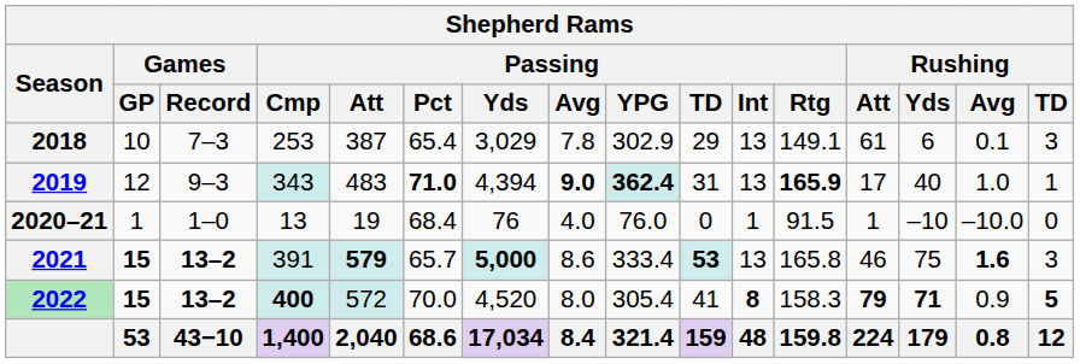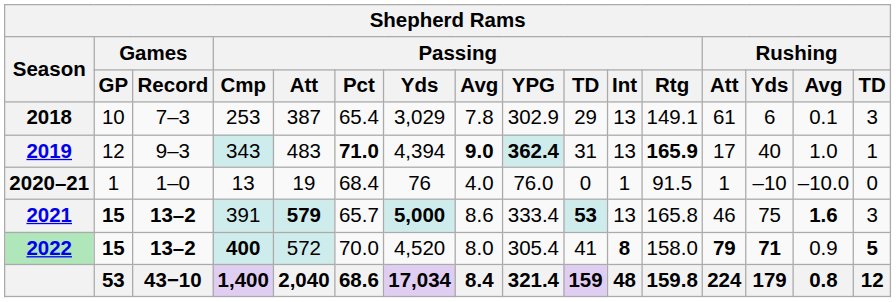 <table class="wikitable" style="text-align:center;">
 <tr>
 <th colspan="16">Shepherd Rams</th>
 </tr>
 <tr>
 <th rowspan="2">Season</th>
 <th colspan="2">Games</th>
 <th colspan="9">Passing</th>
 <th colspan="4">Rushing</th>
 </tr>
 <tr>
 <th>GP</th>
 <th>Record</th>
 <th>Cmp</th>
 <th>Att</th>
 <th>Pct</th>
 <th>Yds</th>
 <th>Avg</th>
 <th>YPG</th>
 <th>TD</th>
 <th>Int</th>
 <th>Rtg</th>
 <th>Att</th>
 <th>Yds</th>
 <th>Avg</th>
 <th>TD</th>
 </tr>
 <tr>
 <th>2018</th>
 <td>10</td>
 <td>7–3</td>
 <td>253</td>
 <td>387</td>
 <td>65.4</td>
 <td>3,029</td>
 <td>7.8</td>
 <td>302.9</td>
 <td>29</td>
 <td>13</td>
 <td>149.1</td>
 <td>61</td>
 <td>6</td>
 <td>0.1</td>
 <td>3</td>
 </tr>
 <tr>
 <th><a href='#'>2019</a></th>
 <td>12</td>
 <td>9–3</td>
 <td style="background:#cfecec;">343</td>
 <td>483</td>
 <td><strong>71.0</strong></td>
 <td>4,394</td>
 <td><strong>9.0</strong></td>
 <td style="background:#cfecec;"><strong>362.4</strong></td>
 <td>31</td>
 <td>13</td>
 <td><strong>165.9</strong></td>
 <td>17</td>
 <td>40</td>
 <td>1.0</td>
 <td>1</td>
 </tr>
 <tr>
 <th>2020–21</th>
 <td>1</td>
 <td>1–0</td>
 <td>13</td>
 <td>19</td>
 <td>68.4</td>
 <td>76</td>
 <td>4.0</td>
 <td>76.0</td>
 <td>0</td>
 <td>1</td>
 <td>91.5</td>
 <td>1</td>
 <td>–10</td>
 <td>–10.0</td>
 <td>0</td>
 </tr>
 <tr>
 <th><a href='#'>2021</a></th>
 <td><strong>15</strong></td>
 <td><strong>13–2</strong></td>
 <td style="background:#cfecec;">391</td>
 <td style="background:#cfecec;"><strong>579</strong></td>
 <td>65.7</td>
 <td style="background:#cfecec;"><strong>5,000</strong></td>
 <td>8.6</td>
 <td>333.4</td>
 <td style="background:#cfecec;"><strong>53</strong></td>
 <td>13</td>
 <td>165.8</td>
 <td>46</td>
 <td>75</td>
 <td><strong>1.6</strong></td>
 <td>3</td>
 </tr>
 <tr>
 <th style="background:#afe6ba;"><a href='#'>2022</a></th>
 <td><strong>15</strong></td>
 <td><strong>13–2</strong></td>
 <td style="background:#cfecec;"><strong>400</strong></td>
 <td style="background:#cfecec;">572</td>
 <td>70.0</td>
 <td>4,520</td>
 <td>8.0</td>
 <td>305.4</td>
 <td>41</td>
 <td><strong>8</strong></td>
-<td>158.3</td>
+<td>158.0</td>
 <td><strong>79</strong></td>
 <td><strong>71</strong></td>
 <td>0.9</td>
 <td><strong>5</strong></td>
 </tr>
 <tr>
 <th></th>
 <th>53</th>
 <th>43−10</th>
 <th style="background:#e0cef2;"><strong>1,400</strong></th>
 <th><strong>2,040</strong></th>
 <th>68.6</th>
 <th style="background:#e0cef2;"><strong>17,034</strong></th>
 <th>8.4</th>
 <th>321.4</th>
 <th style="background:#e0cef2;">159</th>
 <th>48</th>
 <th>159.8</th>
 <th>224</th>
 <th>179</th>
 <th>0.8</th>
 <th>12</th>
 </tr>
 </table>
